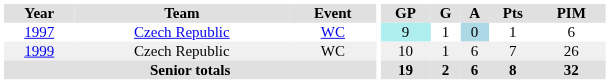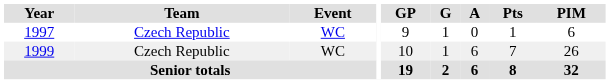 <table border="0" cellpadding="1" cellspacing="0" ID="Table3" style="text-align:center; width:40em">
 <tr ALIGN="center" bgcolor="#e0e0e0">
 <th>Year</th>
 <th>Team</th>
 <th>Event</th>
 <th rowspan="99" bgcolor="#ffffff"></th>
 <th>GP</th>
 <th>G</th>
 <th>A</th>
 <th>Pts</th>
 <th>PIM</th>
 </tr>
 <tr>
 <td><a href='#'>1997</a></td>
 <td><a href='#'>Czech Republic</a></td>
 <td><a href='#'>WC</a></td>
-<td style="background: paleturquoise;">9</td>
+<td>9</td>
 <td>1</td>
-<td style="background: lightblue;">0</td>
+<td>0</td>
 <td>1</td>
 <td>6</td>
 </tr>
 <tr bgcolor="#f0f0f0">
 <td><a href='#'>1999</a></td>
 <td>Czech Republic</td>
 <td>WC</td>
 <td>10</td>
 <td>1</td>
 <td>6</td>
 <td>7</td>
 <td>26</td>
 </tr>
 <tr bgcolor="#e0e0e0">
 <th colspan="3">Senior totals</th>
 <th>19</th>
 <th>2</th>
 <th>6</th>
 <th>8</th>
 <th>32</th>
 </tr>
 </table>
